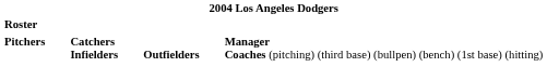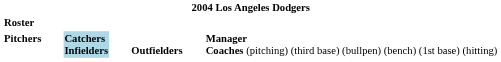 <table class="toccolours" style="font-size: 95%;">
 <tr>
 <th colspan="10">2004 Los Angeles Dodgers</th>
 </tr>
 <tr>
 <td colspan="10"><strong>Roster</strong></td>
 </tr>
 <tr>
 <td valign="top"><strong>Pitchers</strong><br>                                     </td>
 <td width="25px"></td>
-<td valign="top"><strong>Catchers</strong><br>    <strong>Infielders</strong>           </td>
+<td valign="top" style="background: lightblue;"><strong>Catchers</strong><br>    <strong>Infielders</strong>           </td>
 <td width="25px"></td>
 <td valign="top"><br><strong>Outfielders</strong>       </td>
 <td width="25px"></td>
 <td valign="top"><strong>Manager</strong><br> <strong>Coaches</strong>  (pitching)  (third base)  (bullpen)    (bench)  (1st base)  (hitting)</td>
 </tr>
 </table>
